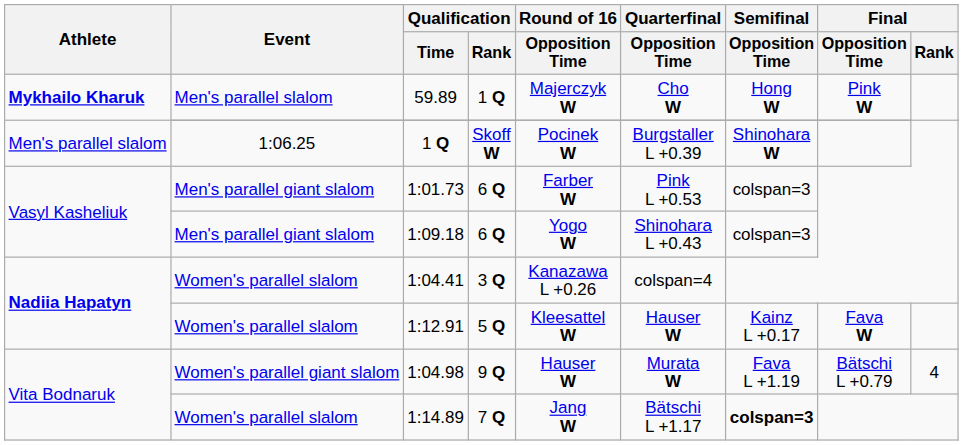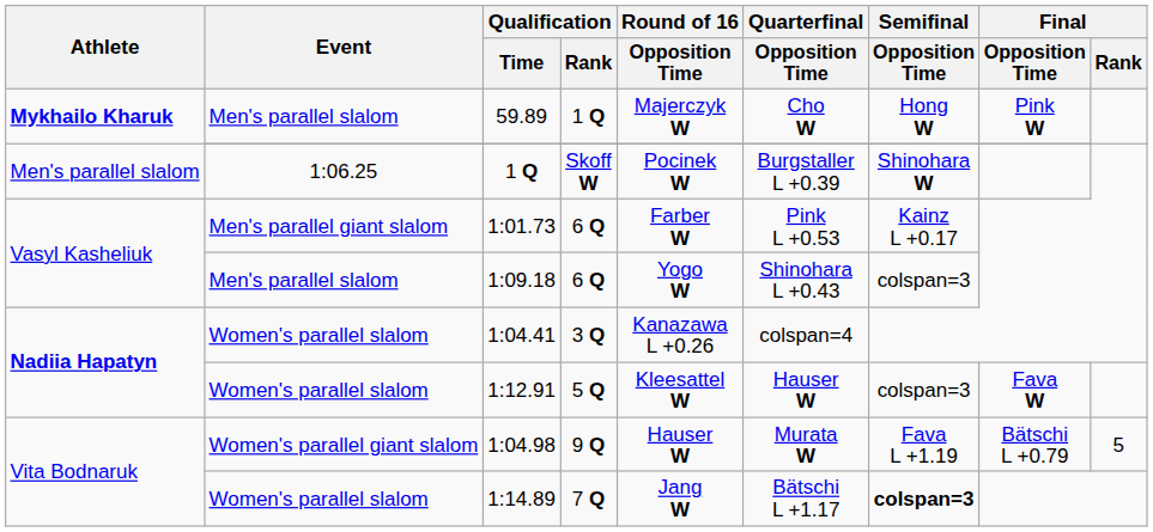 <table class=wikitable style=font-size:90%>
 <tr>
 <th rowspan=2>Athlete</th>
 <th rowspan=2>Event</th>
 <th colspan=2>Qualification</th>
 <th>Round of 16</th>
 <th>Quarterfinal</th>
 <th>Semifinal</th>
 <th colspan=2>Final</th>
 </tr>
 <tr style=font-size:95%>
 <th>Time</th>
 <th>Rank</th>
 <th>Opposition<br>Time</th>
 <th>Opposition<br>Time</th>
 <th>Opposition<br>Time</th>
 <th>Opposition<br>Time</th>
 <th>Rank</th>
 </tr>
 <tr align=center>
 <td align=left rowspan=2><strong><a href='#'>Mykhailo Kharuk</a></strong></td>
 <td align=left><a href='#'>Men's parallel slalom</a></td>
 <td>59.89</td>
 <td>1 <strong>Q</strong></td>
 <td> <a href='#'>Majerczyk</a><br><strong>W</strong></td>
 <td> <a href='#'>Cho</a><br><strong>W</strong></td>
 <td> <a href='#'>Hong</a><br><strong>W</strong></td>
 <td> <a href='#'>Pink</a><br><strong>W</strong></td>
 <td></td>
 </tr>
 <tr align=center>
 </tr>
 <tr align=center>
 <td align=left><a href='#'>Men's parallel slalom</a></td>
 <td>1:06.25</td>
 <td>1 <strong>Q</strong></td>
 <td> <a href='#'>Skoff</a><br><strong>W</strong></td>
 <td> <a href='#'>Pocinek</a><br><strong>W</strong></td>
 <td> <a href='#'>Burgstaller</a><br>L +0.39</td>
 <td> <a href='#'>Shinohara</a><br><strong>W</strong></td>
 <td></td>
 </tr>
 <tr align=center>
 <td align=left rowspan=2><a href='#'>Vasyl Kasheliuk</a></td>
 <td align=left><a href='#'>Men's parallel giant slalom</a></td>
 <td>1:01.73</td>
 <td>6 <strong>Q</strong></td>
 <td> <a href='#'>Farber</a><br><strong>W</strong></td>
 <td> <a href='#'>Pink</a><br>L +0.53</td>
-<td>colspan=3 </td>
+<td> <a href='#'>Kainz</a><br>L +0.17</td>
 </tr>
 <tr align=center>
-<td align=left><a href='#'>Men's parallel giant slalom</a></td>
+<td align=left><a href='#'>Men's parallel slalom</a></td>
 <td>1:09.18</td>
 <td>6 <strong>Q</strong></td>
 <td> <a href='#'>Yogo</a><br><strong>W</strong></td>
 <td> <a href='#'>Shinohara</a><br>L +0.43</td>
 <td>colspan=3 </td>
 </tr>
 <tr align=center>
 <td align=left rowspan=2><strong><a href='#'>Nadiia Hapatyn</a></strong></td>
 <td align=left><a href='#'>Women's parallel slalom</a></td>
 <td>1:04.41</td>
 <td>3 <strong>Q</strong></td>
 <td> <a href='#'>Kanazawa</a><br>L +0.26</td>
 <td>colspan=4 </td>
 </tr>
 <tr align=center>
 <td align=left><a href='#'>Women's parallel slalom</a></td>
 <td>1:12.91</td>
 <td>5 <strong>Q</strong></td>
 <td> <a href='#'>Kleesattel</a><br><strong>W</strong></td>
 <td> <a href='#'>Hauser</a><br><strong>W</strong></td>
-<td> <a href='#'>Kainz</a><br>L +0.17</td>
+<td>colspan=3 </td>
 <td> <a href='#'>Fava</a><br><strong>W</strong></td>
 <td></td>
 </tr>
 <tr align=center>
 <td align=left rowspan=2><a href='#'>Vita Bodnaruk</a></td>
 <td align=left><a href='#'>Women's parallel giant slalom</a></td>
 <td>1:04.98</td>
 <td>9 <strong>Q</strong></td>
 <td> <a href='#'>Hauser</a><br><strong>W</strong></td>
 <td> <a href='#'>Murata</a><br><strong>W</strong></td>
 <td> <a href='#'>Fava</a><br>L +1.19</td>
 <td> <a href='#'>Bätschi</a><br>L +0.79</td>
-<td>4</td>
+<td>5</td>
 </tr>
 <tr align=center>
 <td align=left><a href='#'>Women's parallel slalom</a></td>
 <td>1:14.89</td>
 <td>7 <strong>Q</strong></td>
 <td> <a href='#'>Jang</a><br><strong>W</strong></td>
 <td> <a href='#'>Bätschi</a><br>L +1.17</td>
 <td><strong>colspan=3 </strong></td>
 </tr>
 </table>
